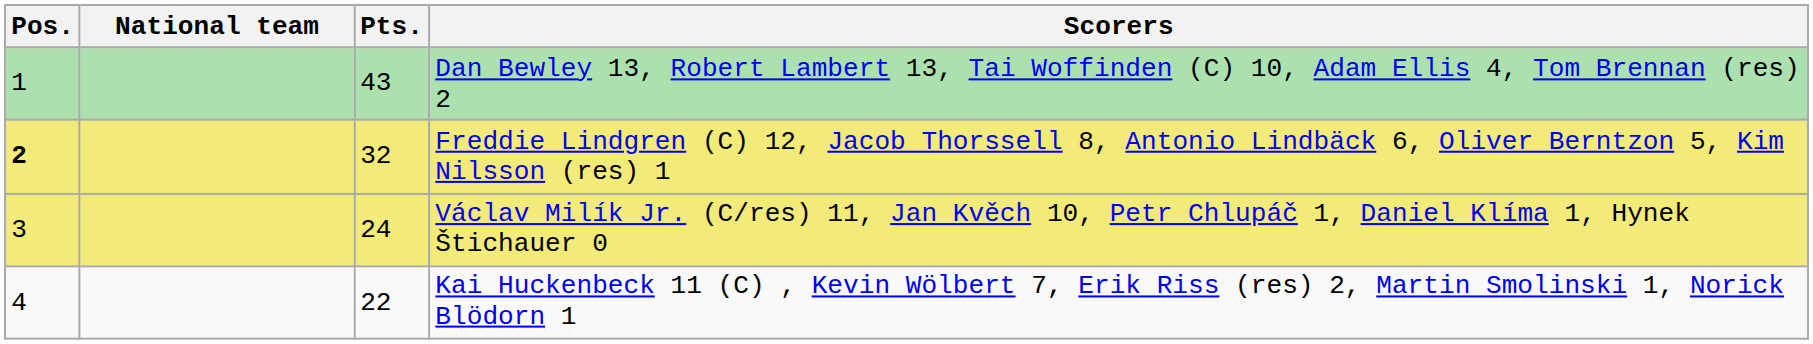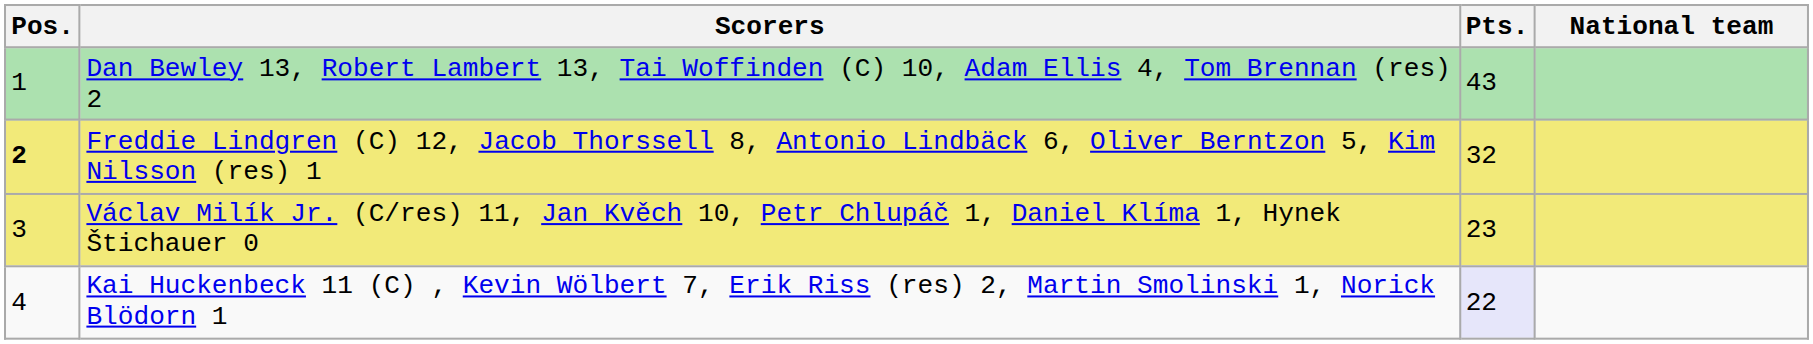 <table class=wikitable>
 <tr>
 <th width=20>Pos.</th>
+<th width=680>Scorers</th>
+<th width=30>Pts.</th>
 <th width=130>National team</th>
-<th width=30>Pts.</th>
-<th width=680>Scorers</th>
 </tr>
 <tr style="background:#ACE1AF;">
 <td>1</td>
+<td><a href='#'>Dan Bewley</a> 13, <a href='#'>Robert Lambert</a> 13, <a href='#'>Tai Woffinden</a> (C) 10, <a href='#'>Adam Ellis</a> 4, <a href='#'>Tom Brennan</a> (res) 2</td>
+<td>43</td>
 <td align=left></td>
-<td>43</td>
-<td><a href='#'>Dan Bewley</a> 13, <a href='#'>Robert Lambert</a> 13, <a href='#'>Tai Woffinden</a> (C) 10, <a href='#'>Adam Ellis</a> 4, <a href='#'>Tom Brennan</a> (res) 2</td>
 </tr>
 <tr style="background:#f2ea79;">
 <td><strong>2</strong></td>
+<td><a href='#'>Freddie Lindgren</a> (C) 12, <a href='#'>Jacob Thorssell</a> 8, <a href='#'>Antonio Lindbäck</a> 6, <a href='#'>Oliver Berntzon</a> 5, <a href='#'>Kim Nilsson</a> (res) 1</td>
+<td>32</td>
 <td align=left></td>
-<td>32</td>
-<td><a href='#'>Freddie Lindgren</a> (C) 12, <a href='#'>Jacob Thorssell</a> 8, <a href='#'>Antonio Lindbäck</a> 6, <a href='#'>Oliver Berntzon</a> 5, <a href='#'>Kim Nilsson</a> (res) 1</td>
 </tr>
 <tr style="background:#f2ea79;">
 <td>3</td>
+<td><a href='#'>Václav Milík Jr.</a> (C/res) 11, <a href='#'>Jan Kvěch</a> 10, <a href='#'>Petr Chlupáč</a> 1, <a href='#'>Daniel Klíma</a> 1, Hynek Štichauer 0</td>
+<td>23</td>
 <td align=left></td>
-<td>24</td>
-<td><a href='#'>Václav Milík Jr.</a> (C/res) 11, <a href='#'>Jan Kvěch</a> 10, <a href='#'>Petr Chlupáč</a> 1, <a href='#'>Daniel Klíma</a> 1, Hynek Štichauer 0</td>
 </tr>
 <tr>
 <td>4</td>
+<td><a href='#'>Kai Huckenbeck</a> 11 (C) , <a href='#'>Kevin Wölbert</a> 7, <a href='#'>Erik Riss</a> (res) 2, <a href='#'>Martin Smolinski</a> 1, <a href='#'>Norick Blödorn</a> 1</td>
+<td style="background: lavender;">22</td>
 <td align=left></td>
-<td>22</td>
-<td><a href='#'>Kai Huckenbeck</a> 11 (C) , <a href='#'>Kevin Wölbert</a> 7, <a href='#'>Erik Riss</a> (res) 2, <a href='#'>Martin Smolinski</a> 1, <a href='#'>Norick Blödorn</a> 1</td>
 </tr>
 </table>
